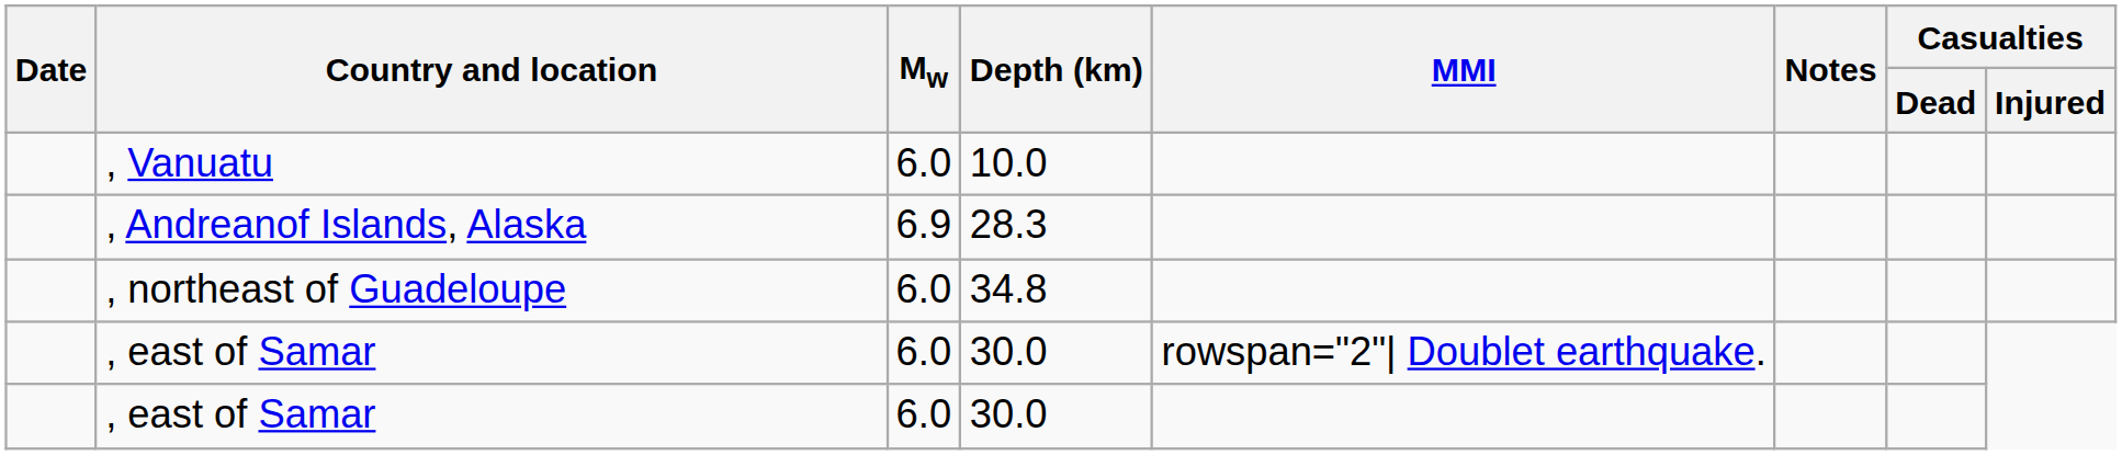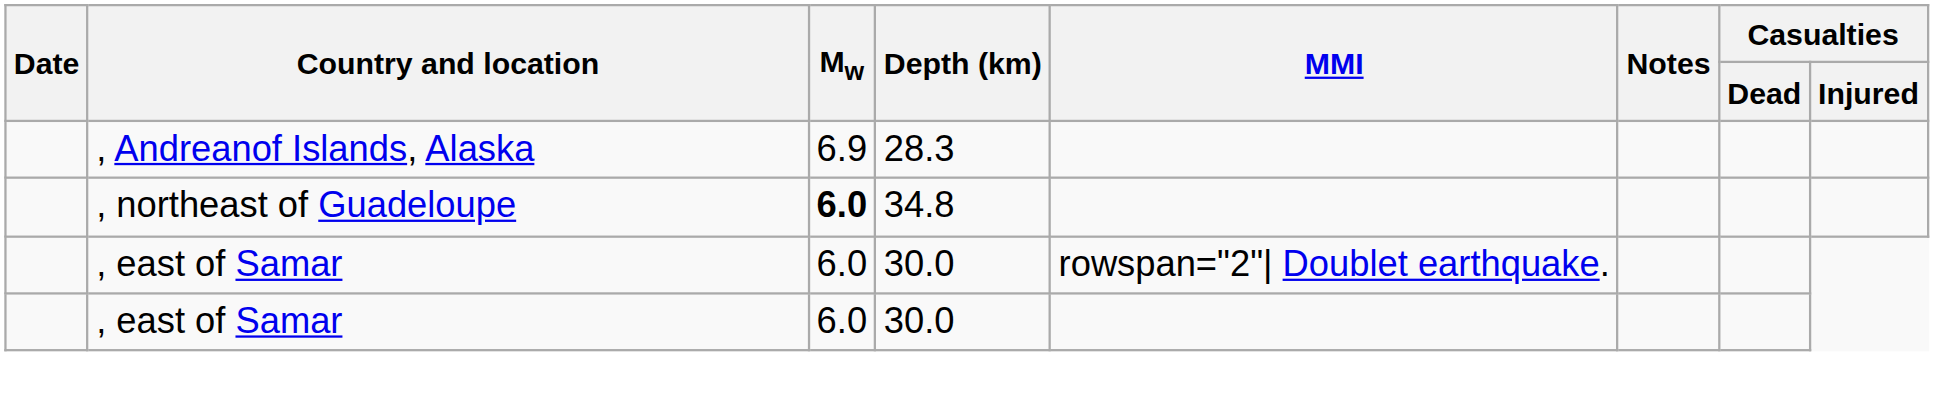 <table class="wikitable sortable sort-under" style="border:1px black; margin-left:1em;">
 <tr>
 <th rowspan="2"><small>Date</small></th>
 <th rowspan="2" style="width: 310px"><small>Country and location</small></th>
 <th rowspan="2"><small>M<sub>w</sub></small></th>
 <th rowspan="2"><small>Depth (km)</small></th>
 <th rowspan="2"><small><a href='#'>MMI</a></small></th>
 <th rowspan="2" class="unsortable"><small>Notes</small></th>
 <th colspan="2"><small>Casualties</small></th>
 </tr>
 <tr>
 <th><small>Dead</small></th>
 <th><small>Injured</small></th>
 </tr>
 <tr>
 <td></td>
-<td>, <a href='#'>Vanuatu</a></td>
-<td>6.0</td>
-<td>10.0</td>
-<td></td>
-<td></td>
-<td></td>
-<td></td>
-</tr>
-<tr>
-<td></td>
 <td>, <a href='#'>Andreanof Islands</a>, <a href='#'>Alaska</a></td>
 <td>6.9</td>
 <td>28.3</td>
 <td></td>
 <td></td>
 <td></td>
 <td></td>
 </tr>
 <tr>
 <td></td>
 <td>, northeast of <a href='#'>Guadeloupe</a></td>
-<td>6.0</td>
+<td><strong>6.0</strong></td>
 <td>34.8</td>
 <td></td>
 <td></td>
 <td></td>
 <td></td>
 </tr>
 <tr>
 <td></td>
 <td>, east of <a href='#'>Samar</a></td>
 <td>6.0</td>
 <td>30.0</td>
 <td>rowspan="2"| <a href='#'>Doublet earthquake</a>.</td>
 <td></td>
 <td></td>
 </tr>
 <tr>
 <td></td>
 <td>, east of <a href='#'>Samar</a></td>
 <td>6.0</td>
 <td>30.0</td>
 <td></td>
 <td></td>
 <td></td>
 </tr>
 </table>
